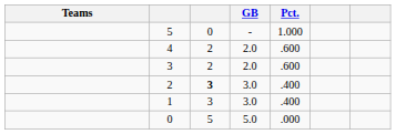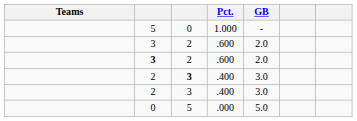 <table class="wikitable" style="text-align:center;">
 <tr>
 <th width=200px>Teams</th>
 <th width=50px></th>
 <th width=50px></th>
+<th width=50px><a href='#'>Pct.</a></th>
 <th width=50px><a href='#'>GB</a></th>
-<th width=50px><a href='#'>Pct.</a></th>
 <th width=50px></th>
 <th width=50px></th>
 </tr>
 <tr style="background-color:">
 <td align=left></td>
 <td>5</td>
 <td>0</td>
+<td>1.000</td>
 <td>-</td>
-<td>1.000</td>
-<td></td>
-<td></td>
-</tr>
-<tr style="background-color:">
-<td align=left></td>
-<td>4</td>
-<td>2</td>
-<td>2.0</td>
-<td>.600</td>
 <td></td>
 <td></td>
 </tr>
 <tr style="background-color:">
 <td align=left></td>
 <td>3</td>
 <td>2</td>
+<td>.600</td>
 <td>2.0</td>
+<td></td>
+<td></td>
+</tr>
+<tr style="background-color:">
+<td align=left></td>
+<td><strong>3</strong></td>
+<td>2</td>
 <td>.600</td>
+<td>2.0</td>
 <td></td>
 <td></td>
 </tr>
 <tr style="background-color:">
 <td align=left></td>
 <td>2</td>
 <td><strong>3</strong></td>
+<td>.400</td>
 <td>3.0</td>
-<td>.400</td>
 <td></td>
 <td></td>
 </tr>
 <tr style="background-color:">
 <td align=left></td>
-<td>1</td>
+<td>2</td>
 <td>3</td>
+<td>.400</td>
 <td>3.0</td>
-<td>.400</td>
 <td></td>
 <td></td>
 </tr>
 <tr style="background-color:">
 <td align=left></td>
 <td>0</td>
 <td>5</td>
+<td>.000</td>
 <td>5.0</td>
-<td>.000</td>
 <td></td>
 <td></td>
 </tr>
 </table>
